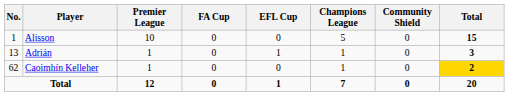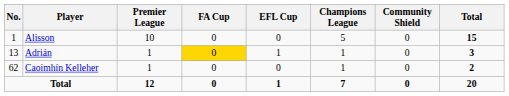 <table class="wikitable sortable alternance"  style="text-align:center">
 <tr>
 <th width=10>No.</th>
 <th width=150>Player</th>
 <th width=100>Premier League</th>
 <th width=100>FA Cup</th>
 <th width=100>EFL Cup</th>
 <th width=100>Champions League</th>
 <th width=100>Community Shield</th>
 <th width=100>Total</th>
 </tr>
 <tr>
 <td>1</td>
 <td align="left"> <a href='#'>Alisson</a></td>
 <td>10</td>
 <td>0</td>
 <td>0</td>
 <td>5</td>
 <td>0</td>
 <td><strong>15</strong></td>
 </tr>
 <tr>
 <td>13</td>
 <td align="left"> <a href='#'>Adrián</a></td>
 <td>1</td>
-<td>0</td>
+<td style="background: gold;">0</td>
 <td>1</td>
 <td>1</td>
 <td>0</td>
 <td><strong>3</strong></td>
 </tr>
 <tr>
 <td>62</td>
 <td align="left"> <a href='#'>Caoimhín Kelleher</a></td>
 <td>1</td>
 <td>0</td>
 <td>0</td>
 <td>1</td>
 <td>0</td>
-<td style="background: gold;"><strong>2</strong></td>
+<td><strong>2</strong></td>
 </tr>
 <tr class="sortbottom">
 <td colspan="2"><strong>Total</strong></td>
 <td><strong>12</strong></td>
 <td><strong>0</strong></td>
 <td><strong>1</strong></td>
 <td><strong>7</strong></td>
 <td><strong>0</strong></td>
 <td><strong>20</strong></td>
 </tr>
 </table>
